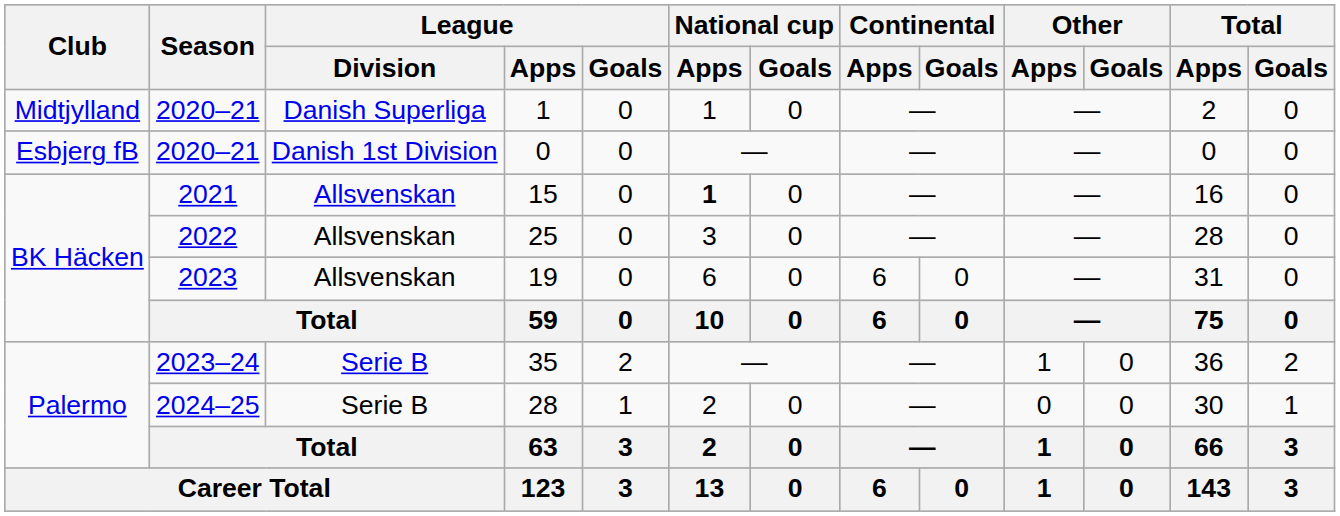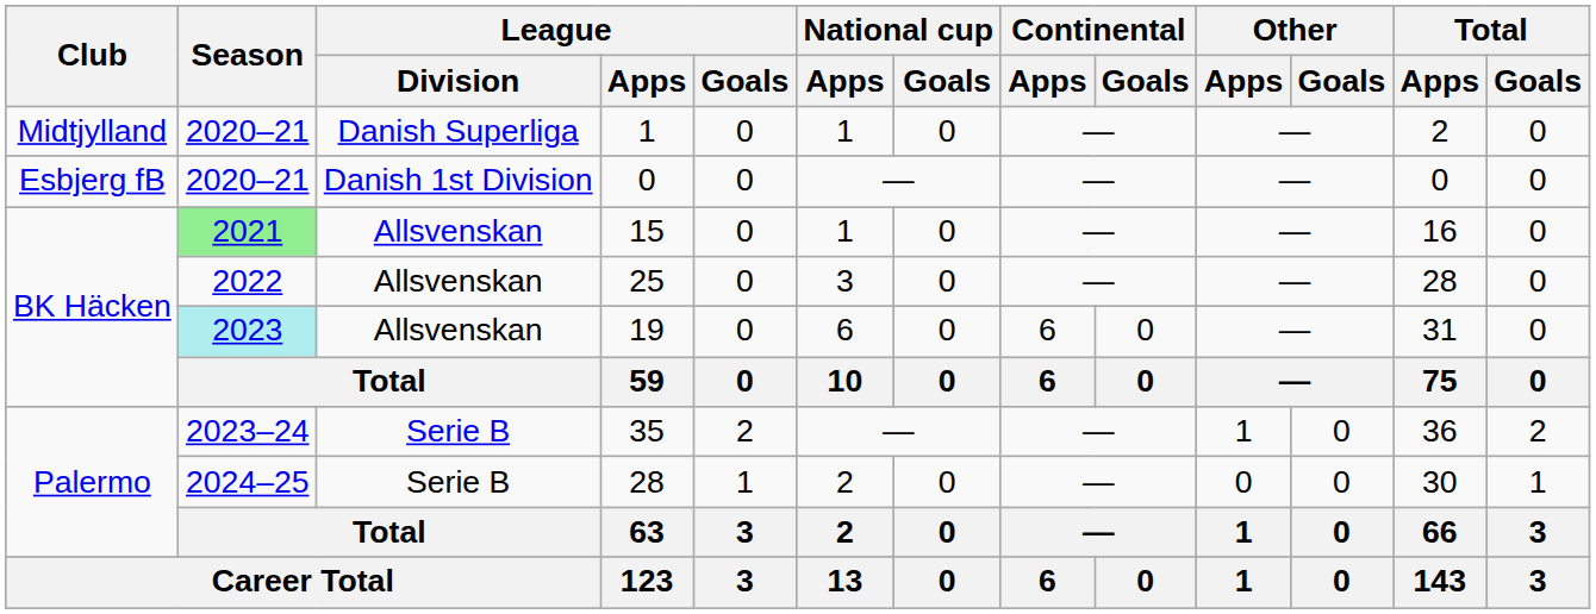 <table class="wikitable" style="text-align:center">
 <tr>
 <th rowspan="2">Club</th>
 <th rowspan="2">Season</th>
 <th colspan="3">League</th>
 <th colspan="2">National cup</th>
 <th colspan="2">Continental</th>
 <th colspan="2">Other</th>
 <th colspan="2">Total</th>
 </tr>
 <tr>
 <th>Division</th>
 <th>Apps</th>
 <th>Goals</th>
 <th>Apps</th>
 <th>Goals</th>
 <th>Apps</th>
 <th>Goals</th>
 <th>Apps</th>
 <th>Goals</th>
 <th>Apps</th>
 <th>Goals</th>
 </tr>
 <tr>
 <td><a href='#'>Midtjylland</a></td>
 <td><a href='#'>2020–21</a></td>
 <td><a href='#'>Danish Superliga</a></td>
 <td>1</td>
 <td>0</td>
 <td>1</td>
 <td>0</td>
 <td colspan="2">—</td>
 <td colspan="2">—</td>
 <td>2</td>
 <td>0</td>
 </tr>
 <tr>
 <td><a href='#'>Esbjerg fB</a></td>
 <td><a href='#'>2020–21</a></td>
 <td><a href='#'>Danish 1st Division</a></td>
 <td>0</td>
 <td>0</td>
 <td colspan="2">—</td>
 <td colspan="2">—</td>
 <td colspan="2">—</td>
 <td>0</td>
 <td>0</td>
 </tr>
 <tr>
 <td rowspan="4"><a href='#'>BK Häcken</a></td>
-<td><a href='#'>2021</a></td>
+<td style="background: lightgreen;"><a href='#'>2021</a></td>
 <td><a href='#'>Allsvenskan</a></td>
 <td>15</td>
 <td>0</td>
-<td><strong>1</strong></td>
+<td>1</td>
 <td>0</td>
 <td colspan="2">—</td>
 <td colspan="2">—</td>
 <td>16</td>
 <td>0</td>
 </tr>
 <tr>
 <td><a href='#'>2022</a></td>
 <td>Allsvenskan</td>
 <td>25</td>
 <td>0</td>
 <td>3</td>
 <td>0</td>
 <td colspan="2">—</td>
 <td colspan="2">—</td>
 <td>28</td>
 <td>0</td>
 </tr>
 <tr>
-<td><a href='#'>2023</a></td>
+<td style="background: paleturquoise;"><a href='#'>2023</a></td>
 <td>Allsvenskan</td>
 <td>19</td>
 <td>0</td>
 <td>6</td>
 <td>0</td>
 <td>6</td>
 <td>0</td>
 <td colspan="2">—</td>
 <td>31</td>
 <td>0</td>
 </tr>
 <tr>
 <th colspan="2">Total</th>
 <th>59</th>
 <th>0</th>
 <th>10</th>
 <th>0</th>
 <th>6</th>
 <th>0</th>
 <th colspan="2">—</th>
 <th>75</th>
 <th>0</th>
 </tr>
 <tr>
 <td rowspan="3"><a href='#'>Palermo</a></td>
 <td><a href='#'>2023–24</a></td>
 <td><a href='#'>Serie B</a></td>
 <td>35</td>
 <td>2</td>
 <td colspan="2">—</td>
 <td colspan="2">—</td>
 <td>1</td>
 <td>0</td>
 <td>36</td>
 <td>2</td>
 </tr>
 <tr>
 <td><a href='#'>2024–25</a></td>
 <td>Serie B</td>
 <td>28</td>
 <td>1</td>
 <td>2</td>
 <td>0</td>
 <td colspan="2">—</td>
 <td>0</td>
 <td>0</td>
 <td>30</td>
 <td>1</td>
 </tr>
 <tr>
 <th colspan="2">Total</th>
 <th>63</th>
 <th>3</th>
 <th>2</th>
 <th>0</th>
 <th colspan="2">—</th>
 <th>1</th>
 <th>0</th>
 <th>66</th>
 <th>3</th>
 </tr>
 <tr>
 <th colspan="3">Career Total</th>
 <th>123</th>
 <th>3</th>
 <th>13</th>
 <th>0</th>
 <th>6</th>
 <th>0</th>
 <th>1</th>
 <th>0</th>
 <th>143</th>
 <th>3</th>
 </tr>
 </table>
